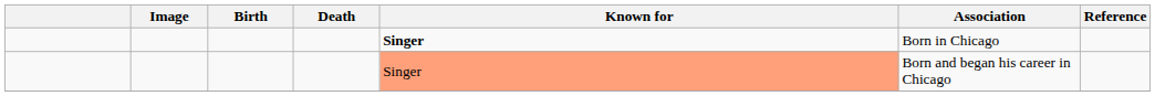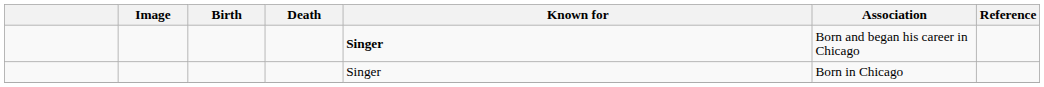 <table class="wikitable sortable">
 <tr>
 <th scope="col" width="140"></th>
 <th scope="col" width="80" class="unsortable">Image</th>
 <th scope="col" width="90">Birth</th>
 <th scope="col" width="90">Death</th>
 <th scope="col" width="600" class="unsortable">Known for</th>
 <th scope="col" width="200" class="unsortable">Association</th>
 <th scope="col" width="30" class="unsortable">Reference</th>
 </tr>
 <tr>
 <td></td>
 <td></td>
 <td align=right></td>
 <td align=right></td>
 <td><strong>Singer</strong></td>
-<td>Born in Chicago</td>
+<td>Born and began his career in Chicago</td>
 <td align="center"></td>
 </tr>
 <tr>
 <td></td>
 <td></td>
 <td align=right></td>
 <td align=right></td>
-<td style="background: lightsalmon;">Singer</td>
-<td>Born and began his career in Chicago</td>
+<td>Singer</td>
+<td>Born in Chicago</td>
 <td align="center"></td>
 </tr>
 <tr>
 </tr>
 </table>
